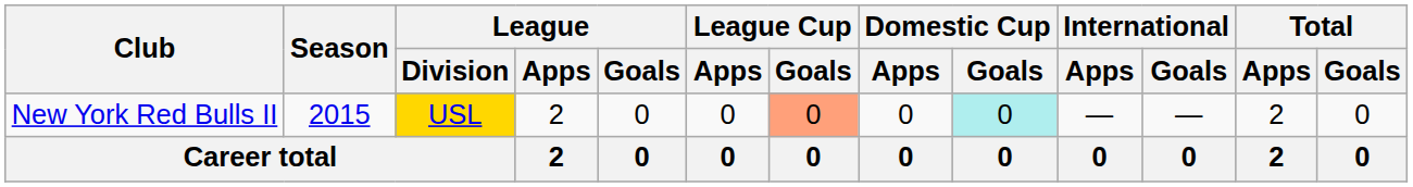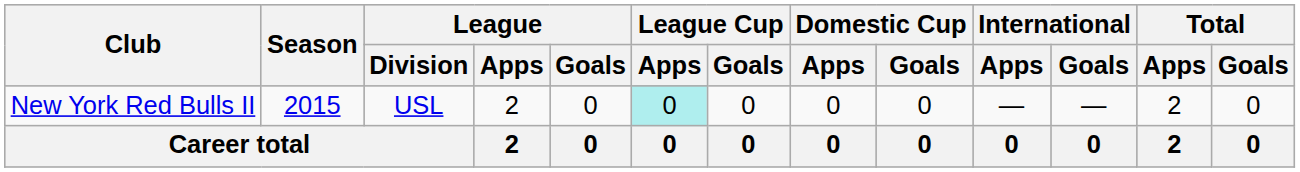 <table class="wikitable" style="text-align: center;">
 <tr>
 <th rowspan="2">Club</th>
 <th rowspan="2">Season</th>
 <th colspan="3">League</th>
 <th colspan="2">League Cup</th>
 <th colspan="2">Domestic Cup</th>
 <th colspan="2">International</th>
 <th colspan="2">Total</th>
 </tr>
 <tr>
 <th>Division</th>
 <th>Apps</th>
 <th>Goals</th>
 <th>Apps</th>
 <th>Goals</th>
 <th>Apps</th>
 <th>Goals</th>
 <th>Apps</th>
 <th>Goals</th>
 <th>Apps</th>
 <th>Goals</th>
 </tr>
 <tr>
 <td rowspan="1"><a href='#'>New York Red Bulls II</a></td>
 <td><a href='#'>2015</a></td>
-<td style="background: gold;"><a href='#'>USL</a></td>
+<td><a href='#'>USL</a></td>
 <td>2</td>
 <td>0</td>
+<td style="background: paleturquoise;">0</td>
 <td>0</td>
-<td style="background: lightsalmon;">0</td>
 <td>0</td>
-<td style="background: paleturquoise;">0</td>
+<td>0</td>
 <td>—</td>
 <td>—</td>
 <td>2</td>
 <td>0</td>
 </tr>
 <tr>
 <th colspan="3">Career total</th>
 <th>2</th>
 <th>0</th>
 <th>0</th>
 <th>0</th>
 <th>0</th>
 <th>0</th>
 <th>0</th>
 <th>0</th>
 <th>2</th>
 <th>0</th>
 </tr>
 </table>
